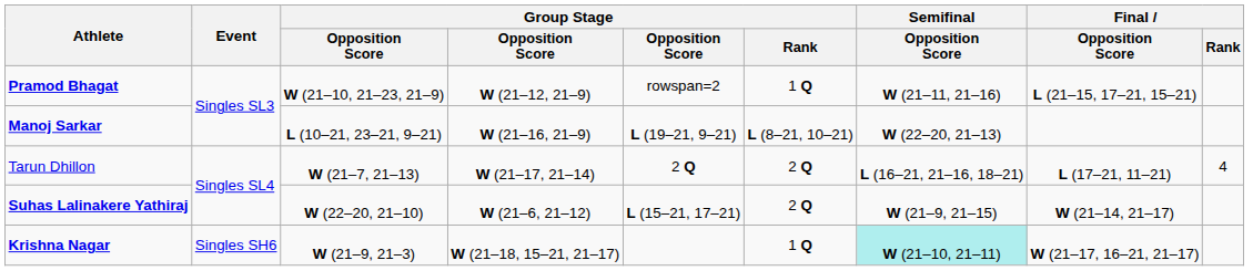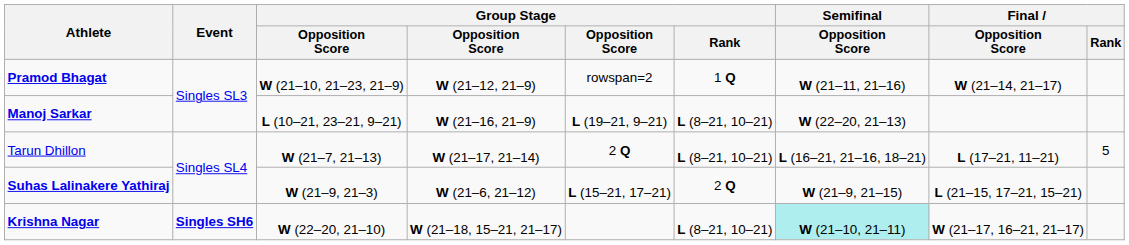 <table class="wikitable" style="font-size:90%; text-align:center">
 <tr>
 <th rowspan="2">Athlete</th>
 <th rowspan="2">Event</th>
 <th colspan="4">Group Stage</th>
 <th>Semifinal</th>
 <th colspan="2">Final / </th>
 </tr>
 <tr style="font-size:95%">
 <th>Opposition<br>Score</th>
 <th>Opposition<br>Score</th>
 <th>Opposition<br>Score</th>
 <th>Rank</th>
 <th>Opposition<br>Score</th>
 <th>Opposition<br>Score</th>
 <th>Rank</th>
 </tr>
 <tr>
 <td align="left"><strong><a href='#'>Pramod Bhagat</a></strong></td>
 <td align="left" rowspan="2"><a href='#'>Singles SL3</a></td>
 <td><br><strong>W</strong> (21–10, 21–23, 21–9)</td>
 <td><br><strong>W</strong> (21–12, 21–9)</td>
 <td>rowspan=2 </td>
 <td>1 <strong>Q</strong></td>
 <td><br><strong>W</strong> (21–11, 21–16)</td>
-<td><br> <strong>L</strong> (21–15, 17–21, 15–21)</td>
+<td><br> <strong>W</strong> (21–14, 21–17)</td>
 <td></td>
 </tr>
 <tr>
 <td align="left"><strong><a href='#'>Manoj Sarkar</a></strong></td>
 <td><br><strong>L</strong> (10–21, 23–21, 9–21)</td>
 <td> <br><strong>W</strong> (21–16, 21–9)</td>
 <td><br><strong>L</strong> (19–21, 9–21)</td>
 <td><br><strong>L</strong> (8–21, 10–21)</td>
 <td><br> <strong>W</strong> (22–20, 21–13)</td>
 <td></td>
 </tr>
 <tr>
 <td align="left"><a href='#'>Tarun Dhillon</a></td>
 <td align="left" rowspan="2"><a href='#'>Singles SL4</a></td>
 <td><br><strong>W</strong> (21–7, 21–13)</td>
 <td><br><strong>W</strong> (21–17, 21–14)</td>
 <td>2 <strong>Q</strong></td>
-<td>2 <strong>Q</strong></td>
+<td><br><strong>L</strong> (8–21, 10–21)</td>
 <td><br><strong>L</strong> (16–21, 21–16, 18–21)</td>
 <td><br><strong>L</strong> (17–21, 11–21)</td>
-<td>4</td>
+<td>5</td>
 </tr>
 <tr>
 <td align="left"><strong><a href='#'>Suhas Lalinakere Yathiraj</a></strong></td>
-<td><br><strong>W</strong> (22–20, 21–10)</td>
+<td><br><strong>W</strong> (21–9, 21–3)</td>
 <td><br><strong>W</strong> (21–6, 21–12)</td>
 <td><br><strong>L</strong> (15–21, 17–21)</td>
 <td>2 <strong>Q</strong></td>
 <td><br><strong>W</strong> (21–9, 21–15)</td>
-<td><br> <strong>W</strong> (21–14, 21–17)</td>
+<td><br> <strong>L</strong> (21–15, 17–21, 15–21)</td>
 <td></td>
 </tr>
 <tr>
 <td align="left"><a href='#'><strong>Krishna Nagar</strong></a></td>
-<td align=left><a href='#'>Singles SH6</a></td>
-<td><br><strong>W</strong> (21–9, 21–3)</td>
+<td align=left><strong><a href='#'>Singles SH6</a></strong></td>
+<td><br><strong>W</strong> (22–20, 21–10)</td>
 <td><br><strong>W</strong> (21–18, 15–21, 21–17)</td>
 <td></td>
-<td>1 <strong>Q</strong></td>
+<td><br><strong>L</strong> (8–21, 10–21)</td>
 <td style="background: paleturquoise;"><br><strong>W</strong> (21–10, 21–11)</td>
 <td><br><strong>W</strong> (21–17, 16–21, 21–17)</td>
 <td></td>
 </tr>
 </table>
